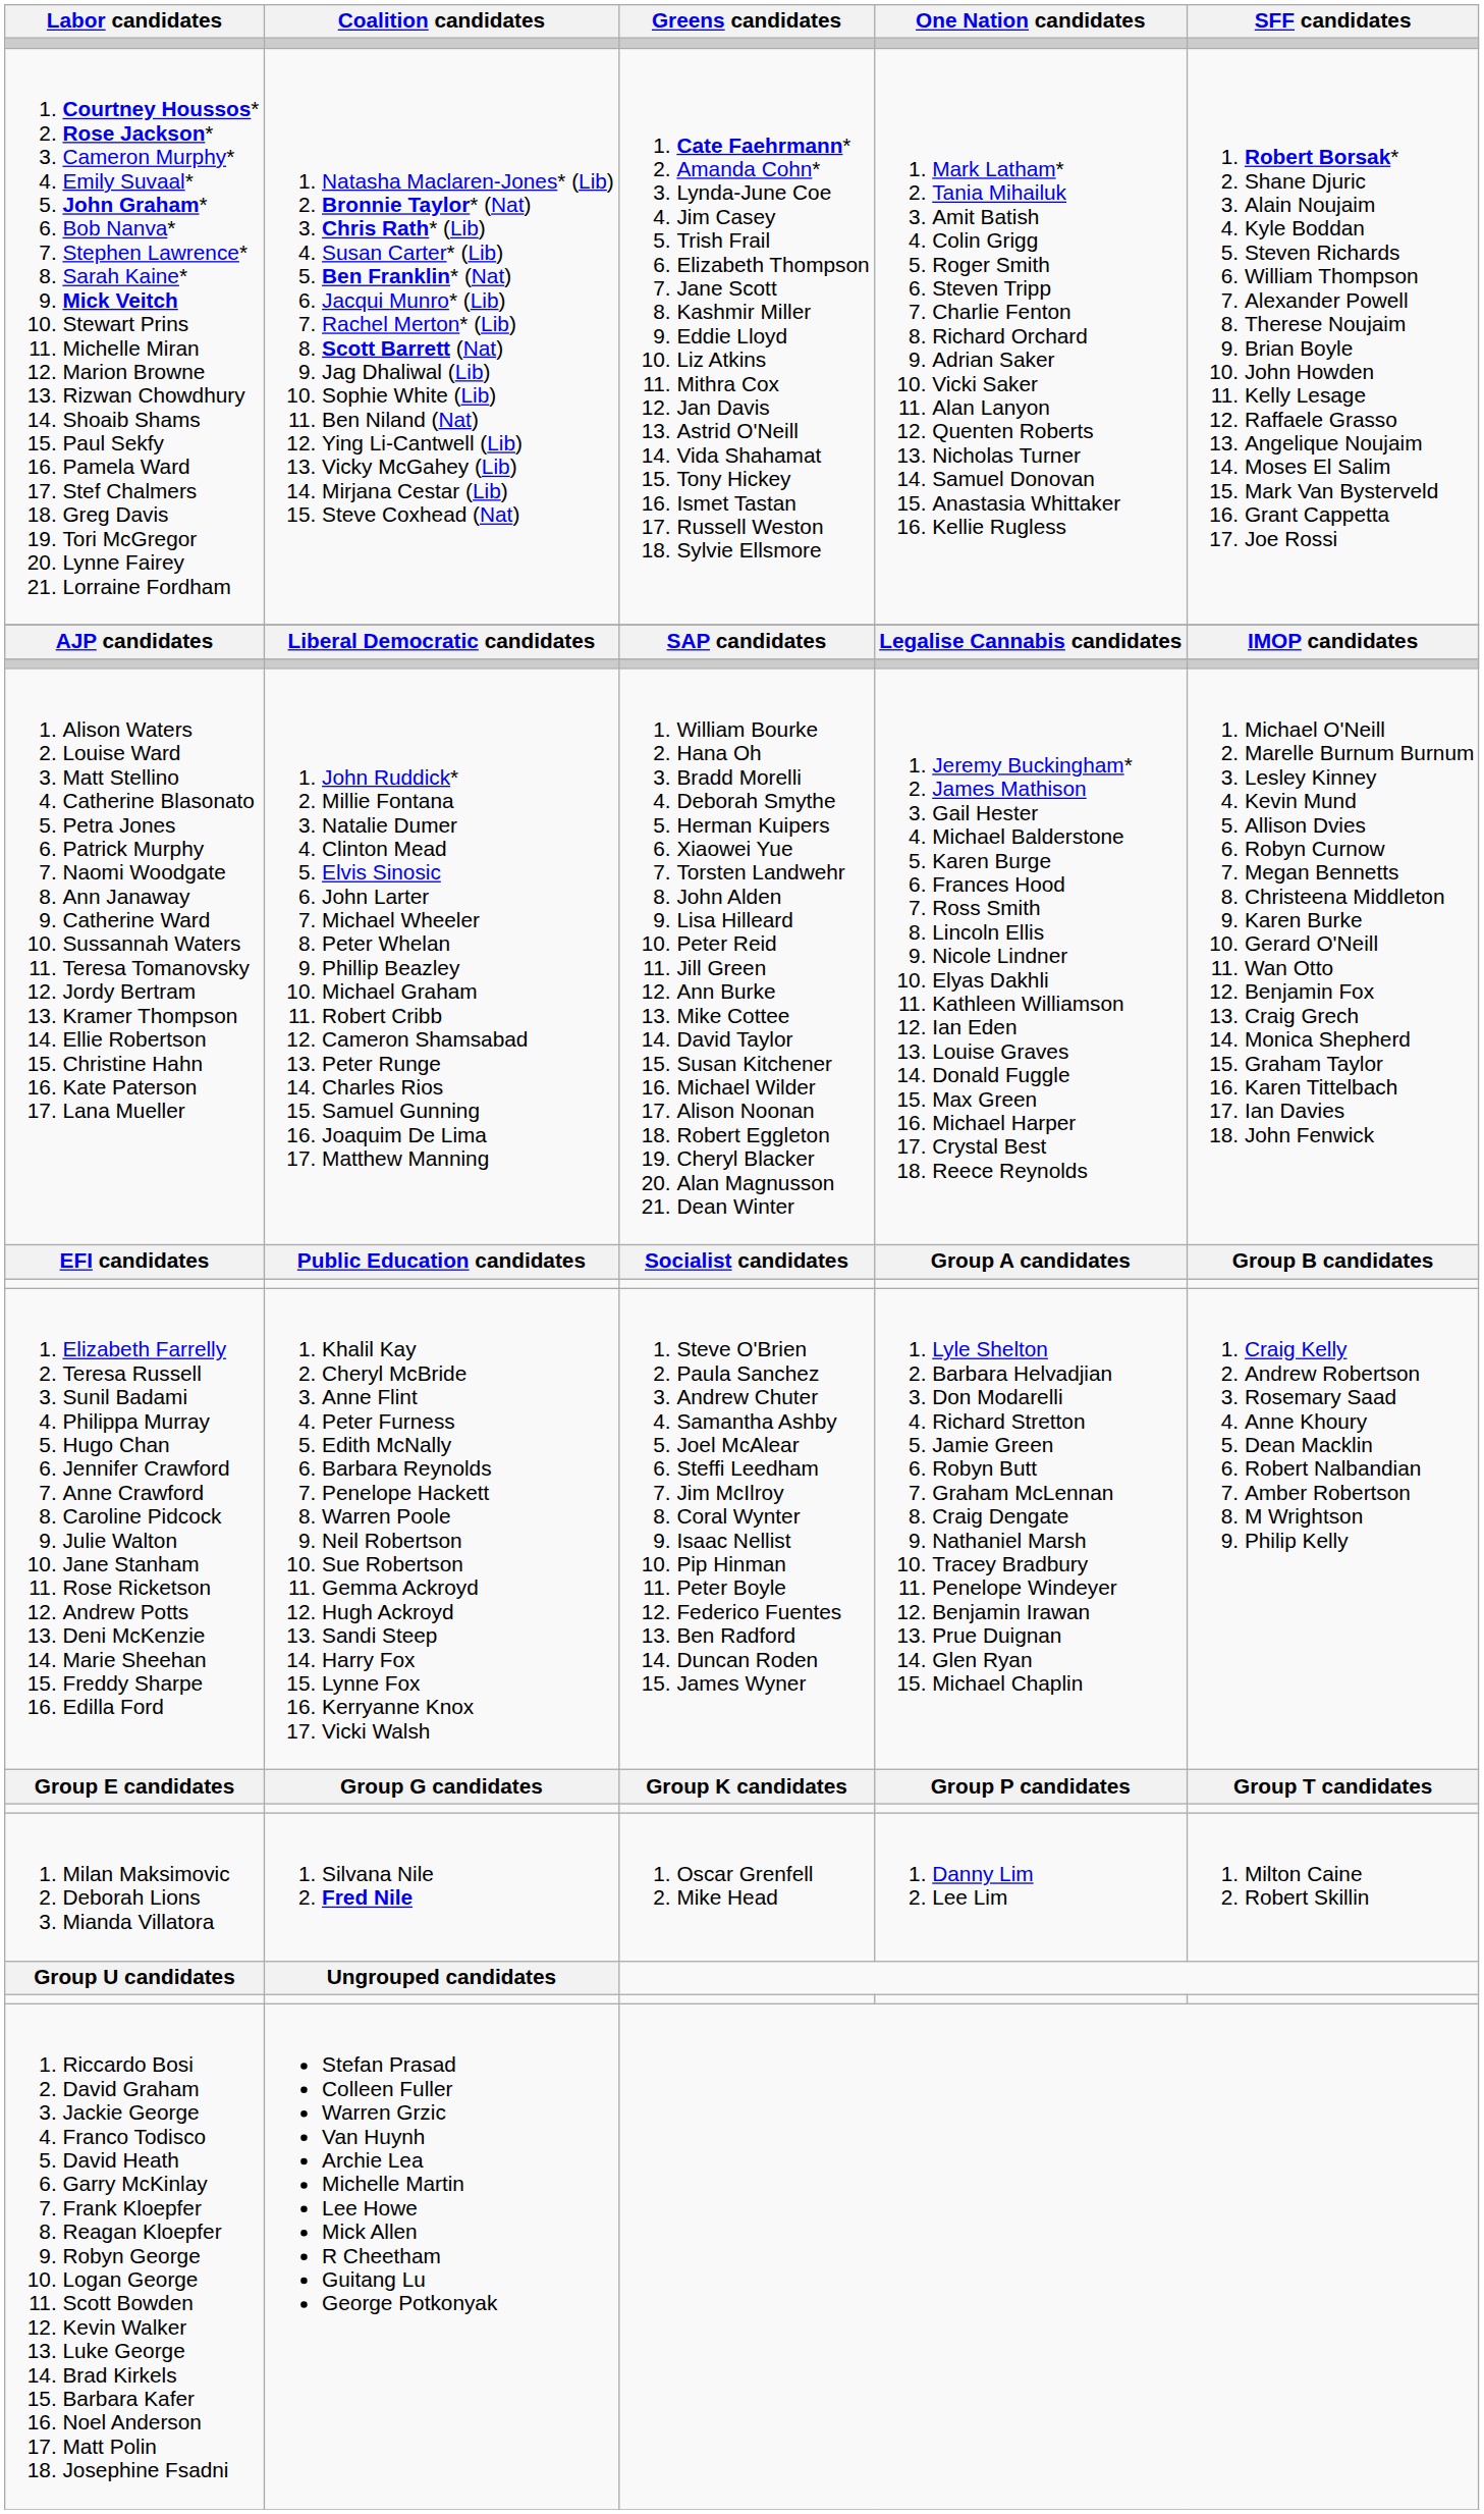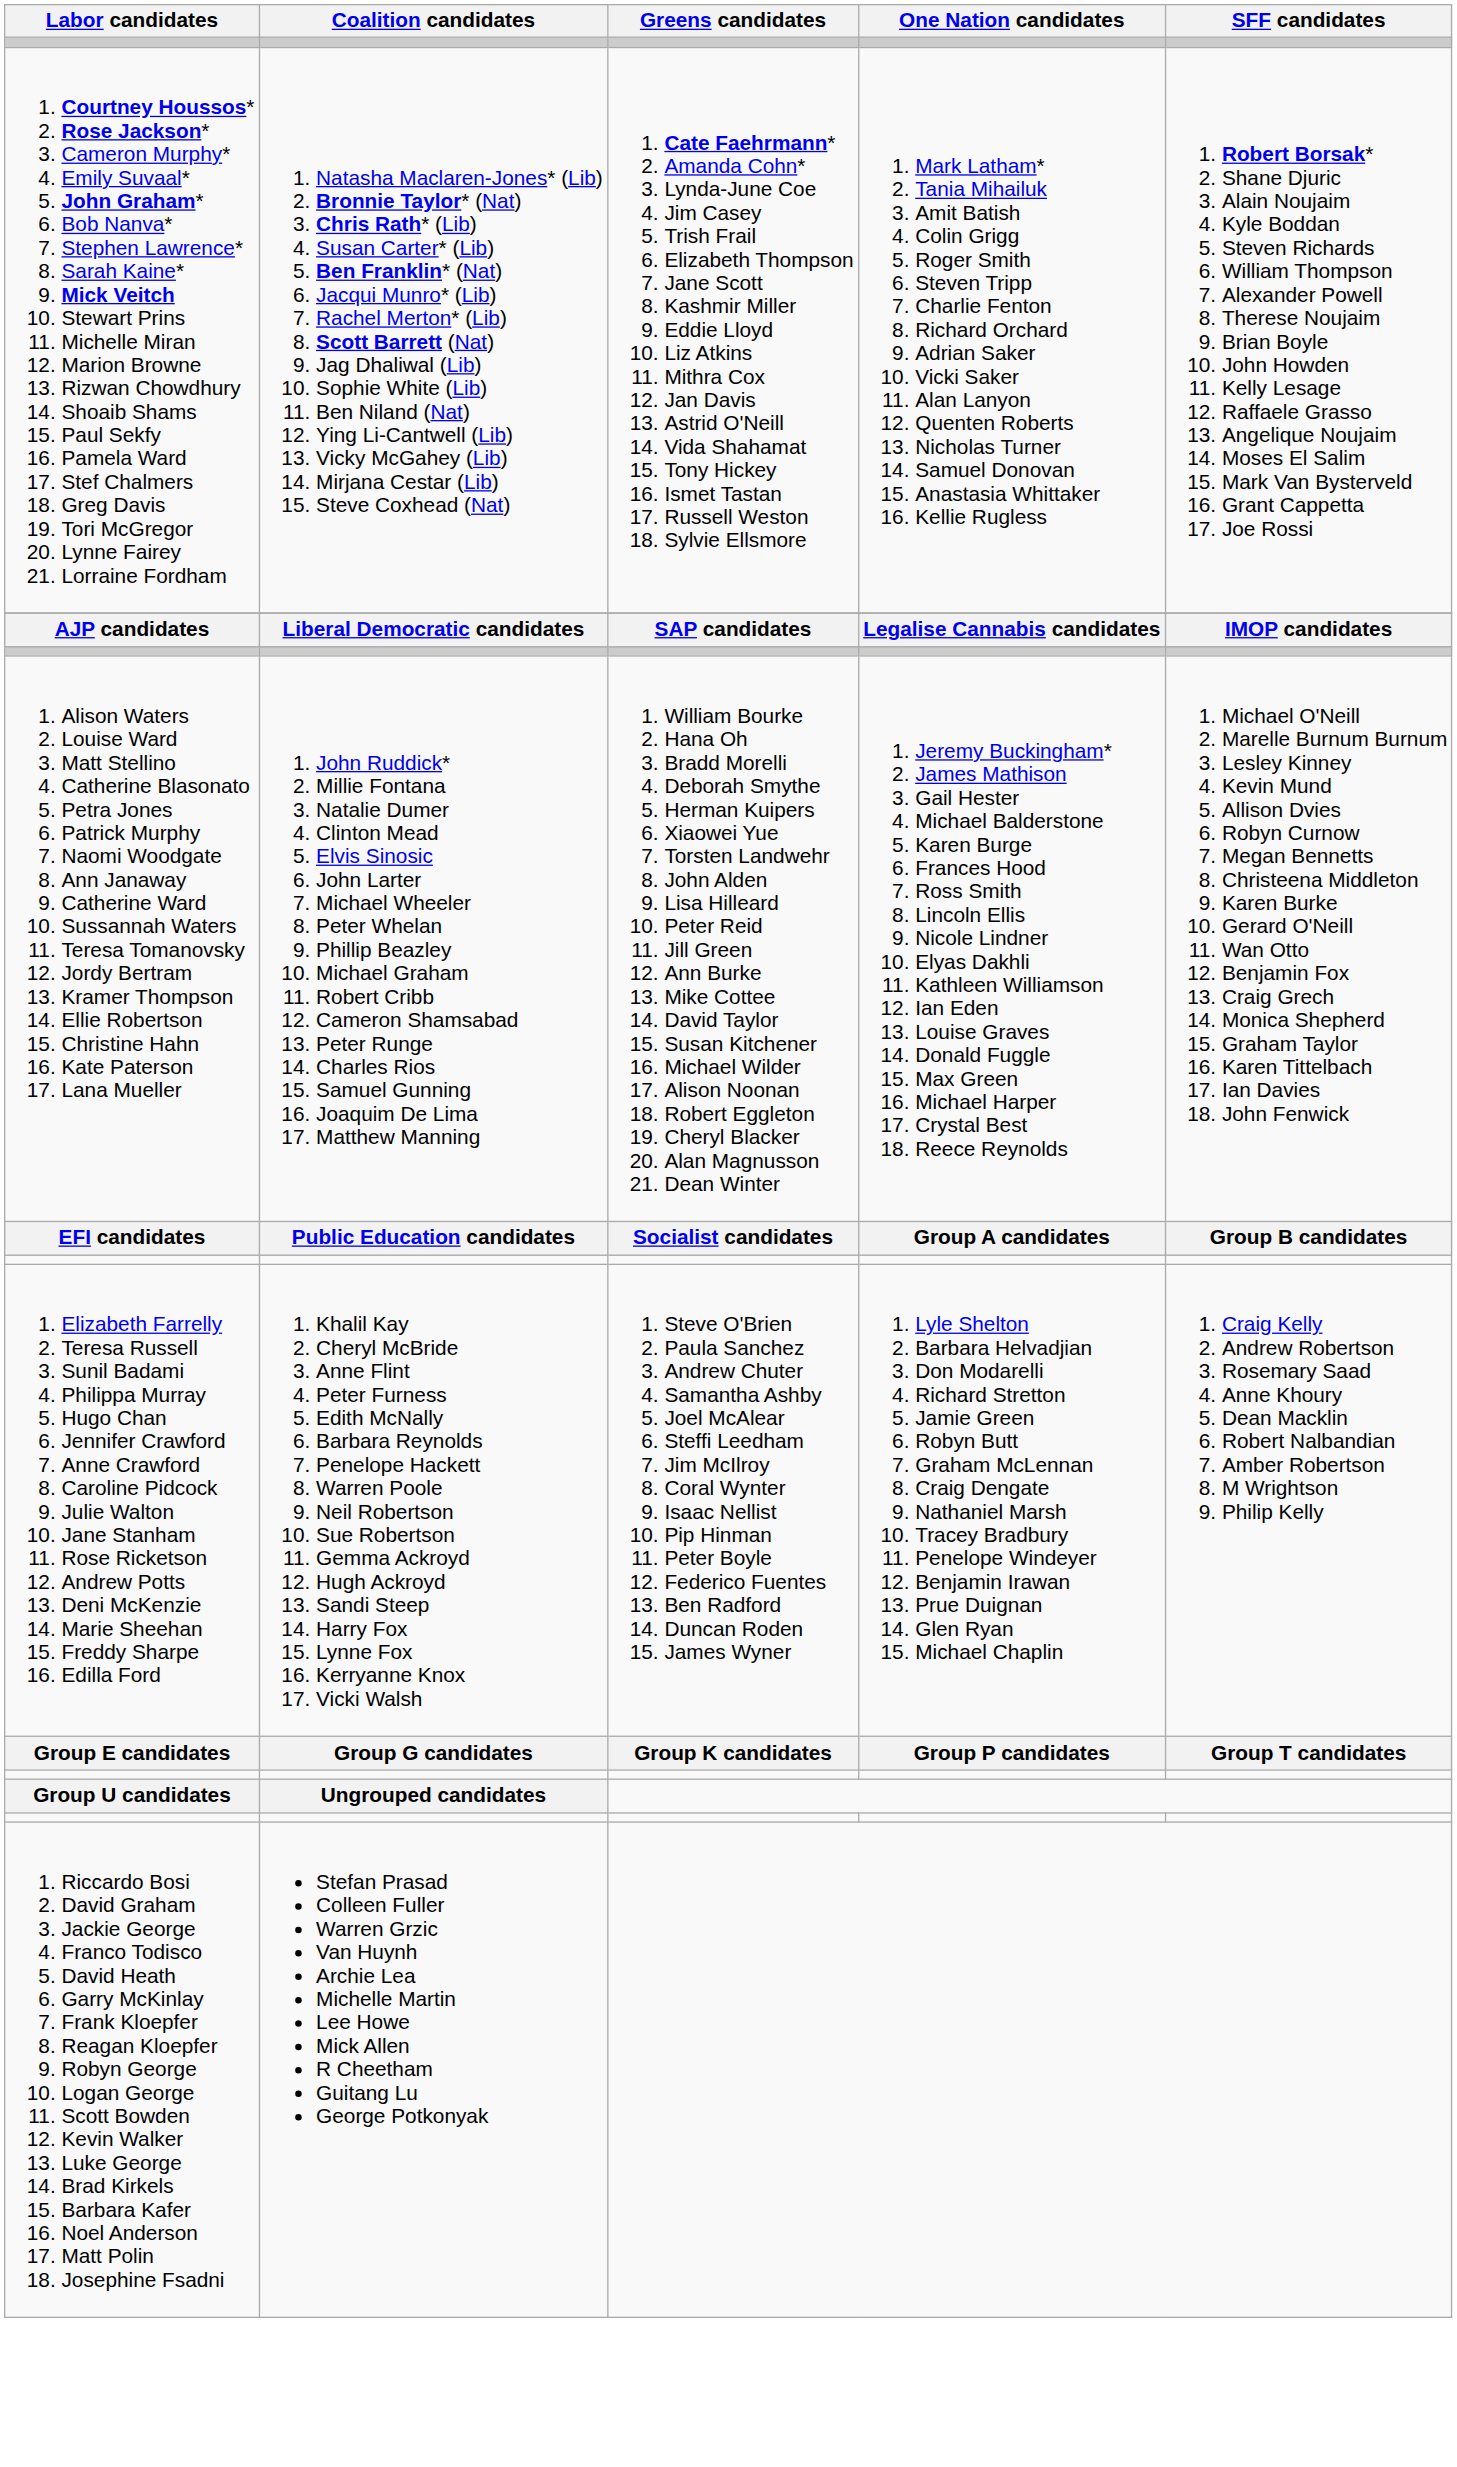 <table class="wikitable">
 <tr>
 <th><a href='#'>Labor</a> candidates</th>
 <th><a href='#'>Coalition</a> candidates</th>
 <th><a href='#'>Greens</a> candidates</th>
 <th><a href='#'>One Nation</a> candidates</th>
 <th><a href='#'>SFF</a> candidates</th>
 </tr>
 <tr bgcolor="#cccccc">
 <td></td>
 <td></td>
 <td></td>
 <td></td>
 <td></td>
 </tr>
 <tr>
 <td><br><ol><li><strong><a href='#'>Courtney Houssos</a></strong>*</li><li><strong><a href='#'>Rose Jackson</a></strong>*</li><li><a href='#'>Cameron Murphy</a>*</li><li><a href='#'>Emily Suvaal</a>*</li><li><strong><a href='#'>John Graham</a></strong>*</li><li><a href='#'>Bob Nanva</a>*</li><li><a href='#'>Stephen Lawrence</a>*</li><li><a href='#'>Sarah Kaine</a>*</li><li><strong><a href='#'>Mick Veitch</a></strong></li><li>Stewart Prins</li><li>Michelle Miran</li><li>Marion Browne</li><li>Rizwan Chowdhury</li><li>Shoaib Shams</li><li>Paul Sekfy</li><li>Pamela Ward</li><li>Stef Chalmers</li><li>Greg Davis</li><li>Tori McGregor</li><li>Lynne Fairey</li><li>Lorraine Fordham</li></ol></td>
 <td><br><ol><li><a href='#'>Natasha Maclaren-Jones</a>* (<a href='#'>Lib</a>)</li><li><strong><a href='#'>Bronnie Taylor</a></strong>* (<a href='#'>Nat</a>)</li><li><strong><a href='#'>Chris Rath</a></strong>* (<a href='#'>Lib</a>)</li><li><a href='#'>Susan Carter</a>* (<a href='#'>Lib</a>)</li><li><strong><a href='#'>Ben Franklin</a></strong>* (<a href='#'>Nat</a>)</li><li><a href='#'>Jacqui Munro</a>* (<a href='#'>Lib</a>)</li><li><a href='#'>Rachel Merton</a>* (<a href='#'>Lib</a>)</li><li><strong><a href='#'>Scott Barrett</a></strong> (<a href='#'>Nat</a>)</li><li>Jag Dhaliwal (<a href='#'>Lib</a>)</li><li>Sophie White (<a href='#'>Lib</a>)</li><li>Ben Niland (<a href='#'>Nat</a>)</li><li>Ying Li-Cantwell (<a href='#'>Lib</a>)</li><li>Vicky McGahey (<a href='#'>Lib</a>)</li><li>Mirjana Cestar (<a href='#'>Lib</a>)</li><li>Steve Coxhead (<a href='#'>Nat</a>)</li></ol></td>
 <td><br><ol><li><strong><a href='#'>Cate Faehrmann</a></strong>*</li><li><a href='#'>Amanda Cohn</a>*</li><li>Lynda-June Coe</li><li>Jim Casey</li><li>Trish Frail</li><li>Elizabeth Thompson</li><li>Jane Scott</li><li>Kashmir Miller</li><li>Eddie Lloyd</li><li>Liz Atkins</li><li>Mithra Cox</li><li>Jan Davis</li><li>Astrid O'Neill</li><li>Vida Shahamat</li><li>Tony Hickey</li><li>Ismet Tastan</li><li>Russell Weston</li><li>Sylvie Ellsmore</li></ol></td>
 <td><br><ol><li><a href='#'>Mark Latham</a>*</li><li><a href='#'>Tania Mihailuk</a></li><li>Amit Batish</li><li>Colin Grigg</li><li>Roger Smith</li><li>Steven Tripp</li><li>Charlie Fenton</li><li>Richard Orchard</li><li>Adrian Saker</li><li>Vicki Saker</li><li>Alan Lanyon</li><li>Quenten Roberts</li><li>Nicholas Turner</li><li>Samuel Donovan</li><li>Anastasia Whittaker</li><li>Kellie Rugless</li></ol></td>
 <td><br><ol><li><strong><a href='#'>Robert Borsak</a></strong>*</li><li>Shane Djuric</li><li>Alain Noujaim</li><li>Kyle Boddan</li><li>Steven Richards</li><li>William Thompson</li><li>Alexander Powell</li><li>Therese Noujaim</li><li>Brian Boyle</li><li>John Howden</li><li>Kelly Lesage</li><li>Raffaele Grasso</li><li>Angelique Noujaim</li><li>Moses El Salim</li><li>Mark Van Bysterveld</li><li>Grant Cappetta</li><li>Joe Rossi</li></ol></td>
 </tr>
 <tr>
 </tr>
 <tr bgcolor="#cccccc">
 <th><a href='#'>AJP</a> candidates</th>
 <th><a href='#'>Liberal Democratic</a> candidates</th>
 <th><a href='#'>SAP</a> candidates</th>
 <th><a href='#'>Legalise Cannabis</a> candidates</th>
 <th><a href='#'>IMOP</a> candidates</th>
 </tr>
 <tr bgcolor="#cccccc">
 <td></td>
 <td></td>
 <td></td>
 <td></td>
 <td></td>
 </tr>
 <tr>
 <td valign=top><br><ol><li>Alison Waters</li><li>Louise Ward</li><li>Matt Stellino</li><li>Catherine Blasonato</li><li>Petra Jones</li><li>Patrick Murphy</li><li>Naomi Woodgate</li><li>Ann Janaway</li><li>Catherine Ward</li><li>Sussannah Waters</li><li>Teresa Tomanovsky</li><li>Jordy Bertram</li><li>Kramer Thompson</li><li>Ellie Robertson</li><li>Christine Hahn</li><li>Kate Paterson</li><li>Lana Mueller</li></ol></td>
 <td><br><ol><li><a href='#'>John Ruddick</a>*</li><li>Millie Fontana</li><li>Natalie Dumer</li><li>Clinton Mead</li><li><a href='#'>Elvis Sinosic</a></li><li>John Larter</li><li>Michael Wheeler</li><li>Peter Whelan</li><li>Phillip Beazley</li><li>Michael Graham</li><li>Robert Cribb</li><li>Cameron Shamsabad</li><li>Peter Runge</li><li>Charles Rios</li><li>Samuel Gunning</li><li>Joaquim De Lima</li><li>Matthew Manning</li></ol></td>
 <td valign=top><br><ol><li>William Bourke</li><li>Hana Oh</li><li>Bradd Morelli</li><li>Deborah Smythe</li><li>Herman Kuipers</li><li>Xiaowei Yue</li><li>Torsten Landwehr</li><li>John Alden</li><li>Lisa Hilleard</li><li>Peter Reid</li><li>Jill Green</li><li>Ann Burke</li><li>Mike Cottee</li><li>David Taylor</li><li>Susan Kitchener</li><li>Michael Wilder</li><li>Alison Noonan</li><li>Robert Eggleton</li><li>Cheryl Blacker</li><li>Alan Magnusson</li><li>Dean Winter</li></ol></td>
 <td><br><ol><li><a href='#'>Jeremy Buckingham</a>*</li><li><a href='#'>James Mathison</a></li><li>Gail Hester</li><li>Michael Balderstone</li><li>Karen Burge</li><li>Frances Hood</li><li>Ross Smith</li><li>Lincoln Ellis</li><li>Nicole Lindner</li><li>Elyas Dakhli</li><li>Kathleen Williamson</li><li>Ian Eden</li><li>Louise Graves</li><li>Donald Fuggle</li><li>Max Green</li><li>Michael Harper</li><li>Crystal Best</li><li>Reece Reynolds</li></ol></td>
 <td valign=top><br><ol><li>Michael O'Neill</li><li>Marelle Burnum Burnum</li><li>Lesley Kinney</li><li>Kevin Mund</li><li>Allison Dvies</li><li>Robyn Curnow</li><li>Megan Bennetts</li><li>Christeena Middleton</li><li>Karen Burke</li><li>Gerard O'Neill</li><li>Wan Otto</li><li>Benjamin Fox</li><li>Craig Grech</li><li>Monica Shepherd</li><li>Graham Taylor</li><li>Karen Tittelbach</li><li>Ian Davies</li><li>John Fenwick</li></ol></td>
 </tr>
 <tr bgcolor="#cccccc">
 <th><a href='#'>EFI</a> candidates</th>
 <th><a href='#'>Public Education</a> candidates</th>
 <th><a href='#'>Socialist</a> candidates</th>
 <th>Group A candidates</th>
 <th>Group B candidates</th>
 </tr>
 <tr>
 <td></td>
 <td></td>
 <td></td>
 <td></td>
 <td></td>
 </tr>
 <tr>
 <td valign=top><br><ol><li><a href='#'>Elizabeth Farrelly</a></li><li>Teresa Russell</li><li>Sunil Badami</li><li>Philippa Murray</li><li>Hugo Chan</li><li>Jennifer Crawford</li><li>Anne Crawford</li><li>Caroline Pidcock</li><li>Julie Walton</li><li>Jane Stanham</li><li>Rose Ricketson</li><li>Andrew Potts</li><li>Deni McKenzie</li><li>Marie Sheehan</li><li>Freddy Sharpe</li><li>Edilla Ford</li></ol></td>
 <td valign=top><br><ol><li>Khalil Kay</li><li>Cheryl McBride</li><li>Anne Flint</li><li>Peter Furness</li><li>Edith McNally</li><li>Barbara Reynolds</li><li>Penelope Hackett</li><li>Warren Poole</li><li>Neil Robertson</li><li>Sue Robertson</li><li>Gemma Ackroyd</li><li>Hugh Ackroyd</li><li>Sandi Steep</li><li>Harry Fox</li><li>Lynne Fox</li><li>Kerryanne Knox</li><li>Vicki Walsh</li></ol></td>
 <td valign=top><br><ol><li>Steve O'Brien</li><li>Paula Sanchez</li><li>Andrew Chuter</li><li>Samantha Ashby</li><li>Joel McAlear</li><li>Steffi Leedham</li><li>Jim McIlroy</li><li>Coral Wynter</li><li>Isaac Nellist</li><li>Pip Hinman</li><li>Peter Boyle</li><li>Federico Fuentes</li><li>Ben Radford</li><li>Duncan Roden</li><li>James Wyner</li></ol></td>
 <td valign=top><br><ol><li><a href='#'>Lyle Shelton</a></li><li>Barbara Helvadjian</li><li>Don Modarelli</li><li>Richard Stretton</li><li>Jamie Green</li><li>Robyn Butt</li><li>Graham McLennan</li><li>Craig Dengate</li><li>Nathaniel Marsh</li><li>Tracey Bradbury</li><li>Penelope Windeyer</li><li>Benjamin Irawan</li><li>Prue Duignan</li><li>Glen Ryan</li><li>Michael Chaplin</li></ol></td>
 <td valign=top><br><ol><li><a href='#'>Craig Kelly</a></li><li>Andrew Robertson</li><li>Rosemary Saad</li><li>Anne Khoury</li><li>Dean Macklin</li><li>Robert Nalbandian</li><li>Amber Robertson</li><li>M Wrightson</li><li>Philip Kelly</li></ol></td>
 </tr>
 <tr>
 <th>Group E candidates</th>
 <th>Group G candidates</th>
 <th>Group K candidates</th>
 <th>Group P candidates</th>
 <th>Group T candidates</th>
 </tr>
 <tr>
 <td></td>
 <td></td>
 <td></td>
 <td></td>
 <td></td>
 </tr>
 <tr>
-<td valign=top><br><ol><li>Milan Maksimovic</li><li>Deborah Lions</li><li>Mianda Villatora</li></ol></td>
-<td valign=top><br><ol><li>Silvana Nile</li><li><strong><a href='#'>Fred Nile</a></strong></li></ol></td>
-<td valign=top><br><ol><li>Oscar Grenfell</li><li>Mike Head</li></ol></td>
-<td valign=top><br><ol><li><a href='#'>Danny Lim</a></li><li>Lee Lim</li></ol></td>
-<td valign=top><br><ol><li>Milton Caine</li><li>Robert Skillin</li></ol></td>
-</tr>
-<tr>
 <th>Group U candidates</th>
 <th>Ungrouped candidates</th>
 </tr>
 <tr>
 <td></td>
 <td></td>
 <td></td>
 <td></td>
 <td></td>
 </tr>
 <tr>
 <td><br><ol><li>Riccardo Bosi</li><li>David Graham</li><li>Jackie George</li><li>Franco Todisco</li><li>David Heath</li><li>Garry McKinlay</li><li>Frank Kloepfer</li><li>Reagan Kloepfer</li><li>Robyn George</li><li>Logan George</li><li>Scott Bowden</li><li>Kevin Walker</li><li>Luke George</li><li>Brad Kirkels</li><li>Barbara Kafer</li><li>Noel Anderson</li><li>Matt Polin</li><li>Josephine Fsadni</li></ol></td>
 <td valign=top><br><ul><li>Stefan Prasad</li><li>Colleen Fuller</li><li>Warren Grzic</li><li>Van Huynh</li><li>Archie Lea</li><li>Michelle Martin</li><li>Lee Howe</li><li>Mick Allen</li><li>R Cheetham</li><li>Guitang Lu</li><li>George Potkonyak</li></ul></td>
 </tr>
 </table>
